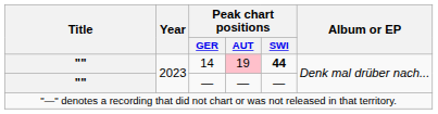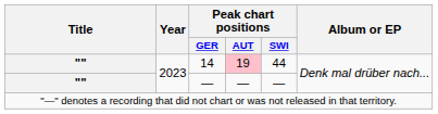 <table class="wikitable plainrowheaders" style="text-align:center;">
 <tr>
 <th scope="col" rowspan="2" style="width:12em;">Title</th>
 <th scope="col" rowspan="2">Year</th>
 <th scope="col" colspan="3">Peak chart positions</th>
 <th scope="col" rowspan="2">Album or EP</th>
 </tr>
 <tr>
 <th scope="col" style="width:3em;font-size:85%;"><a href='#'>GER</a><br></th>
 <th scope="col" style="width:3em;font-size:85%;"><a href='#'>AUT</a><br></th>
 <th scope="col" style="width:3em;font-size:85%;"><a href='#'>SWI</a><br></th>
 </tr>
 <tr>
 <th scope="row">""<br></th>
 <td rowspan="2">2023</td>
 <td>14</td>
 <td style="background: pink;">19</td>
-<td><strong>44</strong></td>
+<td>44</td>
 <td rowspan="2"><em>Denk mal drüber nach...</em></td>
 </tr>
 <tr>
 <th scope="row">""<br></th>
 <td>—</td>
 <td>—</td>
 <td>—</td>
 </tr>
 <tr>
 <td colspan="15" style="font-size:85%">"—" denotes a recording that did not chart or was not released in that territory.</td>
 </tr>
 </table>
